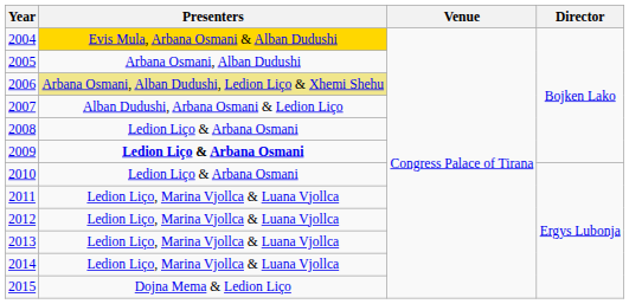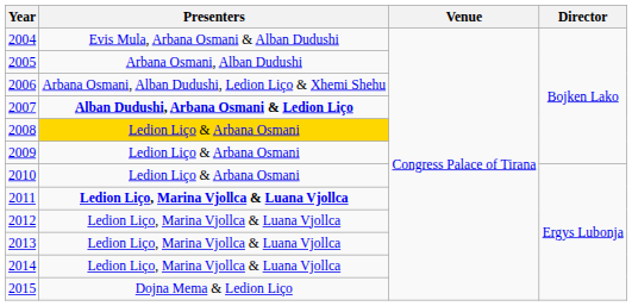 <table class="wikitable" style="font-size: 95%;">
 <tr>
 <th>Year</th>
 <th>Presenters</th>
 <th>Venue</th>
 <th>Director</th>
 </tr>
 <tr align="center">
 <td><a href='#'>2004</a></td>
-<td style="background: gold;"><a href='#'>Evis Mula</a>, <a href='#'>Arbana Osmani</a> & <a href='#'>Alban Dudushi</a></td>
+<td><a href='#'>Evis Mula</a>, <a href='#'>Arbana Osmani</a> & <a href='#'>Alban Dudushi</a></td>
 <td rowspan="12"><a href='#'>Congress Palace of Tirana</a></td>
 <td rowspan="6"><a href='#'>Bojken Lako</a></td>
 </tr>
 <tr align="center">
 <td><a href='#'>2005</a></td>
 <td><a href='#'>Arbana Osmani</a>, <a href='#'>Alban Dudushi</a></td>
 </tr>
 <tr align="center">
 <td><a href='#'>2006</a></td>
-<td style="background: khaki;"><a href='#'>Arbana Osmani</a>, <a href='#'>Alban Dudushi</a>, <a href='#'>Ledion Liço</a> & <a href='#'>Xhemi Shehu</a></td>
+<td><a href='#'>Arbana Osmani</a>, <a href='#'>Alban Dudushi</a>, <a href='#'>Ledion Liço</a> & <a href='#'>Xhemi Shehu</a></td>
 </tr>
 <tr align="center">
 <td><a href='#'>2007</a></td>
-<td><a href='#'>Alban Dudushi</a>, <a href='#'>Arbana Osmani</a> & <a href='#'>Ledion Liço</a></td>
+<td><strong><a href='#'>Alban Dudushi</a>, <a href='#'>Arbana Osmani</a> & <a href='#'>Ledion Liço</a></strong></td>
 </tr>
 <tr align="center">
 <td><a href='#'>2008</a></td>
-<td><a href='#'>Ledion Liço</a> & <a href='#'>Arbana Osmani</a></td>
+<td style="background: gold;"><a href='#'>Ledion Liço</a> & <a href='#'>Arbana Osmani</a></td>
 </tr>
 <tr align="center">
 <td><a href='#'>2009</a></td>
-<td><strong><a href='#'>Ledion Liço</a> & <a href='#'>Arbana Osmani</a></strong></td>
+<td><a href='#'>Ledion Liço</a> & <a href='#'>Arbana Osmani</a></td>
 </tr>
 <tr align="center">
 <td><a href='#'>2010</a></td>
 <td><a href='#'>Ledion Liço</a> & <a href='#'>Arbana Osmani</a></td>
 <td rowspan="6"><a href='#'>Ergys Lubonja</a></td>
 </tr>
 <tr align="center">
 <td><a href='#'>2011</a></td>
-<td><a href='#'>Ledion Liço</a>, <a href='#'>Marina Vjollca</a> & <a href='#'>Luana Vjollca</a></td>
+<td><strong><a href='#'>Ledion Liço</a>, <a href='#'>Marina Vjollca</a> & <a href='#'>Luana Vjollca</a></strong></td>
 </tr>
 <tr align="center">
 <td><a href='#'>2012</a></td>
 <td><a href='#'>Ledion Liço</a>, <a href='#'>Marina Vjollca</a> & <a href='#'>Luana Vjollca</a></td>
 </tr>
 <tr align="center">
 <td><a href='#'>2013</a></td>
 <td><a href='#'>Ledion Liço</a>, <a href='#'>Marina Vjollca</a> & <a href='#'>Luana Vjollca</a></td>
 </tr>
 <tr align="center">
 <td><a href='#'>2014</a></td>
 <td><a href='#'>Ledion Liço</a>, <a href='#'>Marina Vjollca</a> & <a href='#'>Luana Vjollca</a></td>
 </tr>
 <tr align="center">
 <td><a href='#'>2015</a></td>
 <td><a href='#'>Dojna Mema</a> & <a href='#'>Ledion Liço</a></td>
 </tr>
 </table>
